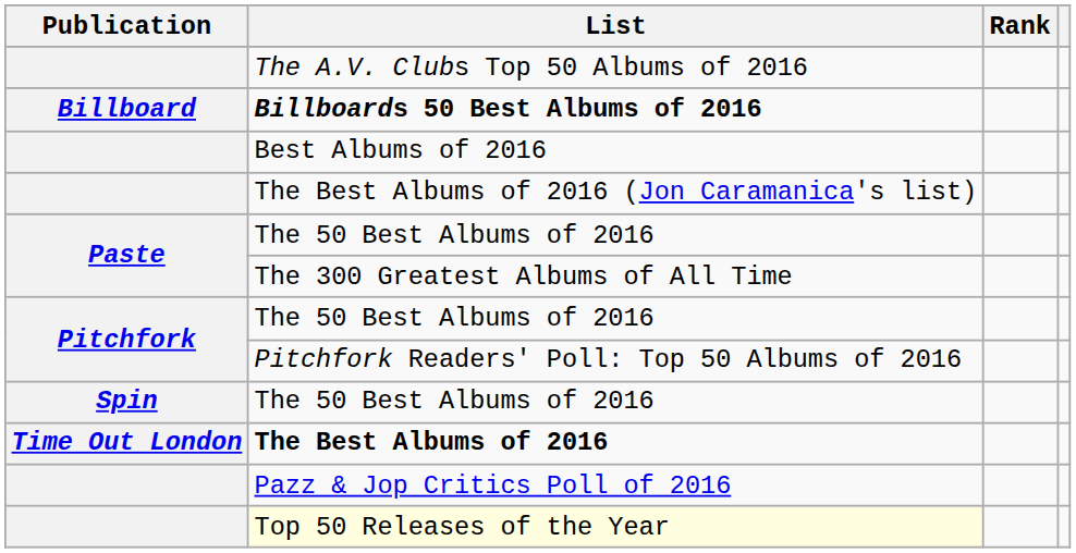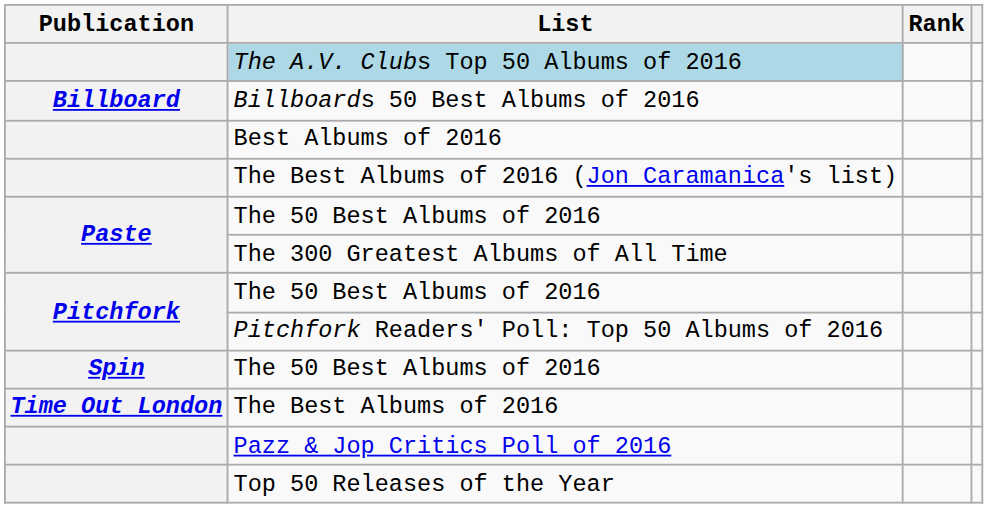 <table class="wikitable sortable plainrowheaders" style="border:none; margin:0;">
 <tr>
 <th scope="col">Publication</th>
 <th scope="col" class="unsortable">List</th>
 <th scope="col" data-sort-type="number">Rank</th>
 <th scope="col" class="unsortable"></th>
 </tr>
 <tr>
 <th scope="row"></th>
-<td><em>The A.V. Club</em>s Top 50 Albums of 2016</td>
+<td style="background: lightblue;"><em>The A.V. Club</em>s Top 50 Albums of 2016</td>
 <td></td>
 <td></td>
 </tr>
 <tr>
 <th scope="row"><em><a href='#'>Billboard</a></em></th>
-<td><strong><em>Billboard</em>s 50 Best Albums of 2016</strong></td>
+<td><em>Billboard</em>s 50 Best Albums of 2016</td>
 <td></td>
 <td></td>
 </tr>
 <tr>
 <th scope="row"></th>
 <td>Best Albums of 2016</td>
 <td></td>
 <td></td>
 </tr>
 <tr>
 <th scope="row"></th>
 <td>The Best Albums of 2016 (<a href='#'>Jon Caramanica</a>'s list)</td>
 <td></td>
 <td></td>
 </tr>
 <tr>
 <th scope="row" rowspan="2"><em><a href='#'>Paste</a></em></th>
 <td>The 50 Best Albums of 2016</td>
 <td></td>
 <td></td>
 </tr>
 <tr>
 <td>The 300 Greatest Albums of All Time</td>
 <td></td>
 <td></td>
 </tr>
 <tr>
 <th scope="row" rowspan="2"><em><a href='#'>Pitchfork</a></em></th>
 <td>The 50 Best Albums of 2016</td>
 <td></td>
 <td></td>
 </tr>
 <tr>
 <td><em>Pitchfork</em> Readers' Poll: Top 50 Albums of 2016</td>
 <td></td>
 <td></td>
 </tr>
 <tr>
 <th scope="row"><em><a href='#'>Spin</a></em></th>
 <td>The 50 Best Albums of 2016</td>
 <td></td>
 <td></td>
 </tr>
 <tr>
 <th scope="row"><em><a href='#'>Time Out London</a></em></th>
-<td><strong>The Best Albums of 2016</strong></td>
+<td>The Best Albums of 2016</td>
 <td></td>
 <td></td>
 </tr>
 <tr>
 <th scope="row"></th>
 <td><a href='#'>Pazz & Jop Critics Poll of 2016</a></td>
 <td></td>
 <td></td>
 </tr>
 <tr>
 <th scope="row"></th>
-<td style="background: lightyellow;">Top 50 Releases of the Year</td>
+<td>Top 50 Releases of the Year</td>
 <td></td>
 <td></td>
 </tr>
 </table>
